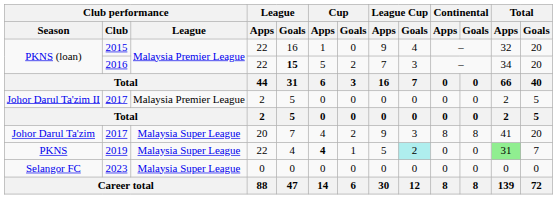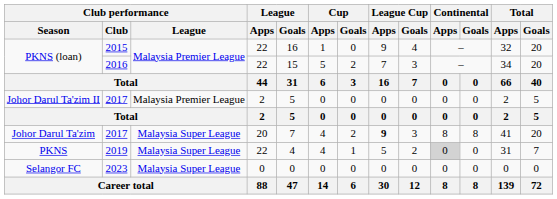 <table class="wikitable" style="text-align:center">
 <tr>
 <th colspan=3>Club performance</th>
 <th colspan=2>League</th>
 <th colspan=2>Cup</th>
 <th colspan=2>League Cup</th>
 <th colspan=2>Continental</th>
 <th colspan=2>Total</th>
 </tr>
 <tr>
 <th>Season</th>
 <th>Club</th>
 <th>League</th>
 <th>Apps</th>
 <th>Goals</th>
 <th>Apps</th>
 <th>Goals</th>
 <th>Apps</th>
 <th>Goals</th>
 <th>Apps</th>
 <th>Goals</th>
 <th>Apps</th>
 <th>Goals</th>
 </tr>
 <tr>
 <td rowspan=2><a href='#'>PKNS</a> (loan)</td>
 <td><a href='#'>2015</a></td>
 <td rowspan="2"><a href='#'>Malaysia Premier League</a></td>
 <td>22</td>
 <td>16</td>
 <td>1</td>
 <td>0</td>
 <td>9</td>
 <td>4</td>
 <td colspan="2">–</td>
 <td>32</td>
 <td>20</td>
 </tr>
 <tr>
 <td><a href='#'>2016</a></td>
 <td>22</td>
-<td><strong>15</strong></td>
+<td>15</td>
 <td>5</td>
 <td>2</td>
 <td>7</td>
 <td>3</td>
 <td colspan="2">–</td>
 <td>34</td>
 <td>20</td>
 </tr>
 <tr>
 <th colspan=3>Total</th>
 <th>44</th>
 <th>31</th>
 <th>6</th>
 <th>3</th>
 <th>16</th>
 <th>7</th>
 <th>0</th>
 <th>0</th>
 <th>66</th>
 <th>40</th>
 </tr>
 <tr>
 <td rowspan=1><a href='#'>Johor Darul Ta'zim II</a></td>
 <td><a href='#'>2017</a></td>
 <td>Malaysia Premier League</td>
 <td>2</td>
 <td>5</td>
 <td>0</td>
 <td>0</td>
 <td>0</td>
 <td>0</td>
 <td>0</td>
 <td>0</td>
 <td>2</td>
 <td>5</td>
 </tr>
 <tr>
 <th colspan=3>Total</th>
 <th>2</th>
 <th>5</th>
 <th>0</th>
 <th>0</th>
 <th>0</th>
 <th>0</th>
 <th>0</th>
 <th>0</th>
 <th>2</th>
 <th>5</th>
 </tr>
 <tr>
 <td rowspan=1><a href='#'>Johor Darul Ta'zim</a></td>
 <td><a href='#'>2017</a></td>
 <td><a href='#'>Malaysia Super League</a></td>
 <td>20</td>
 <td>7</td>
 <td>4</td>
 <td>2</td>
-<td>9</td>
+<td><strong>9</strong></td>
 <td>3</td>
 <td>8</td>
 <td>8</td>
 <td>41</td>
 <td>20</td>
 </tr>
 <tr>
 <td rowspan=1><a href='#'>PKNS</a></td>
 <td><a href='#'>2019</a></td>
 <td><a href='#'>Malaysia Super League</a></td>
 <td>22</td>
 <td>4</td>
-<td><strong>4</strong></td>
+<td>4</td>
 <td>1</td>
 <td>5</td>
-<td style="background: paleturquoise;">2</td>
+<td>2</td>
+<td style="background: lightgrey;">0</td>
 <td>0</td>
-<td>0</td>
-<td style="background: lightgreen;">31</td>
+<td>31</td>
 <td>7</td>
 </tr>
 <tr>
 <td rowspan=1><a href='#'>Selangor FC</a></td>
 <td><a href='#'>2023</a></td>
 <td><a href='#'>Malaysia Super League</a></td>
 <td>0</td>
 <td>0</td>
 <td>0</td>
 <td>0</td>
 <td>0</td>
 <td>0</td>
 <td>0</td>
 <td>0</td>
 <td>0</td>
 <td>0</td>
 </tr>
 <tr>
 <th colspan=3>Career total</th>
 <th>88</th>
 <th>47</th>
 <th>14</th>
 <th>6</th>
 <th>30</th>
 <th>12</th>
 <th>8</th>
 <th>8</th>
 <th>139</th>
 <th>72</th>
 </tr>
 </table>
